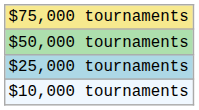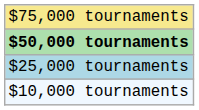 <table class="wikitable" style="font-size:85%; width:15%;">
 <tr style="background:#f7e98e;">
 <td>$75,000 tournaments</td>
 </tr>
 <tr style="background:#addfad;">
-<td>$50,000 tournaments</td>
+<td><strong>$50,000 tournaments</strong></td>
 </tr>
 <tr style="background:lightblue;">
 <td>$25,000 tournaments</td>
 </tr>
 <tr style="background:#f0f8ff;">
 <td>$10,000 tournaments</td>
 </tr>
 </table>
